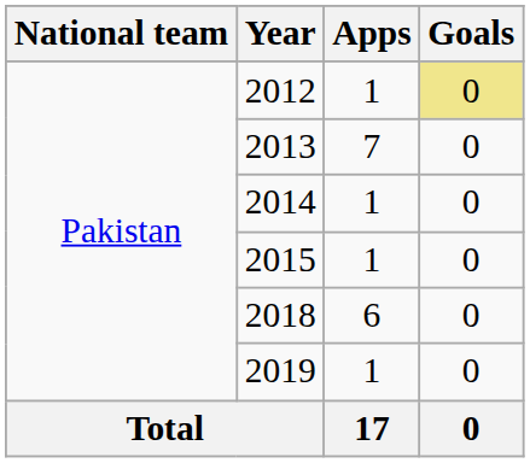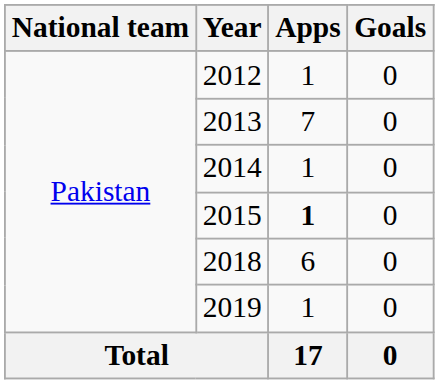 <table class="wikitable" style="text-align: center">
 <tr>
 <th>National team</th>
 <th>Year</th>
 <th>Apps</th>
 <th>Goals</th>
 </tr>
 <tr>
 <td rowspan="6"><a href='#'>Pakistan</a></td>
 <td>2012</td>
 <td>1</td>
-<td style="background: khaki;">0</td>
+<td>0</td>
 </tr>
 <tr>
 <td>2013</td>
 <td>7</td>
 <td>0</td>
 </tr>
 <tr>
 <td>2014</td>
 <td>1</td>
 <td>0</td>
 </tr>
 <tr>
 <td>2015</td>
-<td>1</td>
+<td><strong>1</strong></td>
 <td>0</td>
 </tr>
 <tr>
 <td>2018</td>
 <td>6</td>
 <td>0</td>
 </tr>
 <tr>
 <td>2019</td>
 <td>1</td>
 <td>0</td>
 </tr>
 <tr>
 <th colspan="2">Total</th>
 <th>17</th>
 <th>0</th>
 </tr>
 </table>
